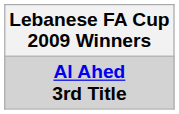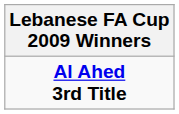 <table class="wikitable" style="text-align: center; margin: 0 auto;">
 <tr>
 <th>Lebanese FA Cup  <br>2009 Winners</th>
 </tr>
 <tr>
-<td style="background: lightgrey;"><strong><a href='#'>Al Ahed</a></strong><br><strong>3rd Title</strong></td>
+<td><strong><a href='#'>Al Ahed</a></strong><br><strong>3rd Title</strong></td>
 </tr>
 </table>
